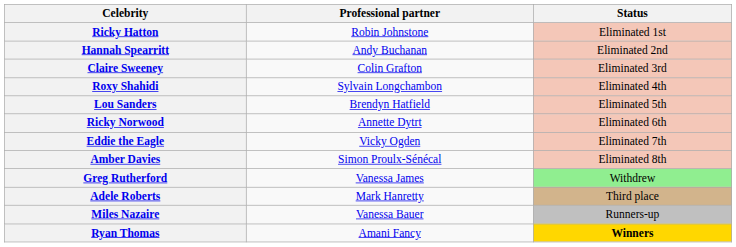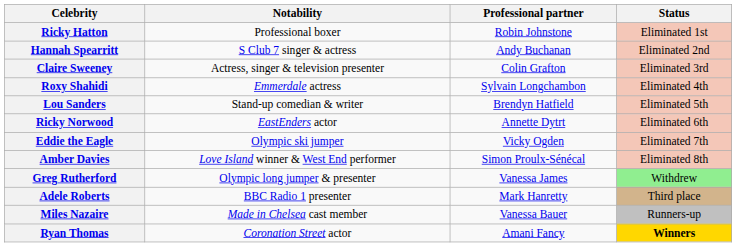 <table class="wikitable sortable" style="text-align:center; width:80%">
 <tr>
 <th scope="col">Celebrity</th>
+<th scope="col" class="unsortable">Notability</th>
 <th scope="col">Professional partner</th>
 <th scope="col">Status</th>
 </tr>
 <tr>
 <th scope="row”"><a href='#'>Ricky Hatton</a></th>
+<td>Professional boxer</td>
 <td><a href='#'>Robin Johnstone</a></td>
 <td bgcolor="f4c7b8">Eliminated 1st</td>
 </tr>
 <tr>
 <th scope="row"><a href='#'>Hannah Spearritt</a></th>
+<td><a href='#'>S Club 7</a> singer & actress</td>
 <td><a href='#'>Andy Buchanan</a></td>
 <td bgcolor="f4c7b8">Eliminated 2nd</td>
 </tr>
 <tr>
 <th scope="row"><a href='#'>Claire Sweeney</a></th>
+<td>Actress, singer & television presenter</td>
 <td><a href='#'>Colin Grafton</a></td>
 <td bgcolor="f4c7b8">Eliminated 3rd</td>
 </tr>
 <tr>
 <th scope="row"><a href='#'>Roxy Shahidi</a></th>
+<td><em><a href='#'>Emmerdale</a></em> actress</td>
 <td><a href='#'>Sylvain Longchambon</a></td>
 <td bgcolor="f4c7b8">Eliminated 4th</td>
 </tr>
 <tr>
 <th scope="row"><a href='#'>Lou Sanders</a></th>
+<td>Stand-up comedian & writer</td>
 <td><a href='#'>Brendyn Hatfield</a></td>
 <td bgcolor="f4c7b8">Eliminated 5th</td>
 </tr>
 <tr>
 <th scope="row"><a href='#'>Ricky Norwood</a></th>
+<td><em><a href='#'>EastEnders</a></em> actor</td>
 <td><a href='#'>Annette Dytrt</a></td>
 <td bgcolor="f4c7b8">Eliminated 6th</td>
 </tr>
 <tr>
 <th scope="row"><a href='#'>Eddie the Eagle</a></th>
+<td><a href='#'>Olympic ski jumper</a></td>
 <td><a href='#'>Vicky Ogden</a></td>
 <td bgcolor="f4c7b8">Eliminated 7th</td>
 </tr>
 <tr>
 <th scope="row"><a href='#'>Amber Davies</a></th>
+<td><em><a href='#'>Love Island</a></em> winner & <a href='#'>West End</a> performer</td>
 <td><a href='#'>Simon Proulx-Sénécal</a></td>
 <td bgcolor="f4c7b8">Eliminated 8th</td>
 </tr>
 <tr>
 <th scope="row"><a href='#'>Greg Rutherford</a></th>
+<td><a href='#'>Olympic long jumper</a> & presenter</td>
 <td><a href='#'>Vanessa James</a></td>
 <td bgcolor="lightgreen">Withdrew</td>
 </tr>
 <tr>
 <th scope="row"><a href='#'>Adele Roberts</a></th>
+<td><a href='#'>BBC Radio 1</a> presenter</td>
 <td><a href='#'>Mark Hanretty</a></td>
 <td bgcolor="tan">Third place</td>
 </tr>
 <tr>
 <th scope="row"><a href='#'>Miles Nazaire</a></th>
+<td><em><a href='#'>Made in Chelsea</a></em> cast member</td>
 <td><a href='#'>Vanessa Bauer</a></td>
 <td bgcolor="silver">Runners-up</td>
 </tr>
 <tr>
 <th scope="row"><a href='#'>Ryan Thomas</a></th>
+<td><em><a href='#'>Coronation Street</a></em> actor</td>
 <td><a href='#'>Amani Fancy</a></td>
 <td bgcolor="gold"><strong>Winners</strong></td>
 </tr>
 </table>
